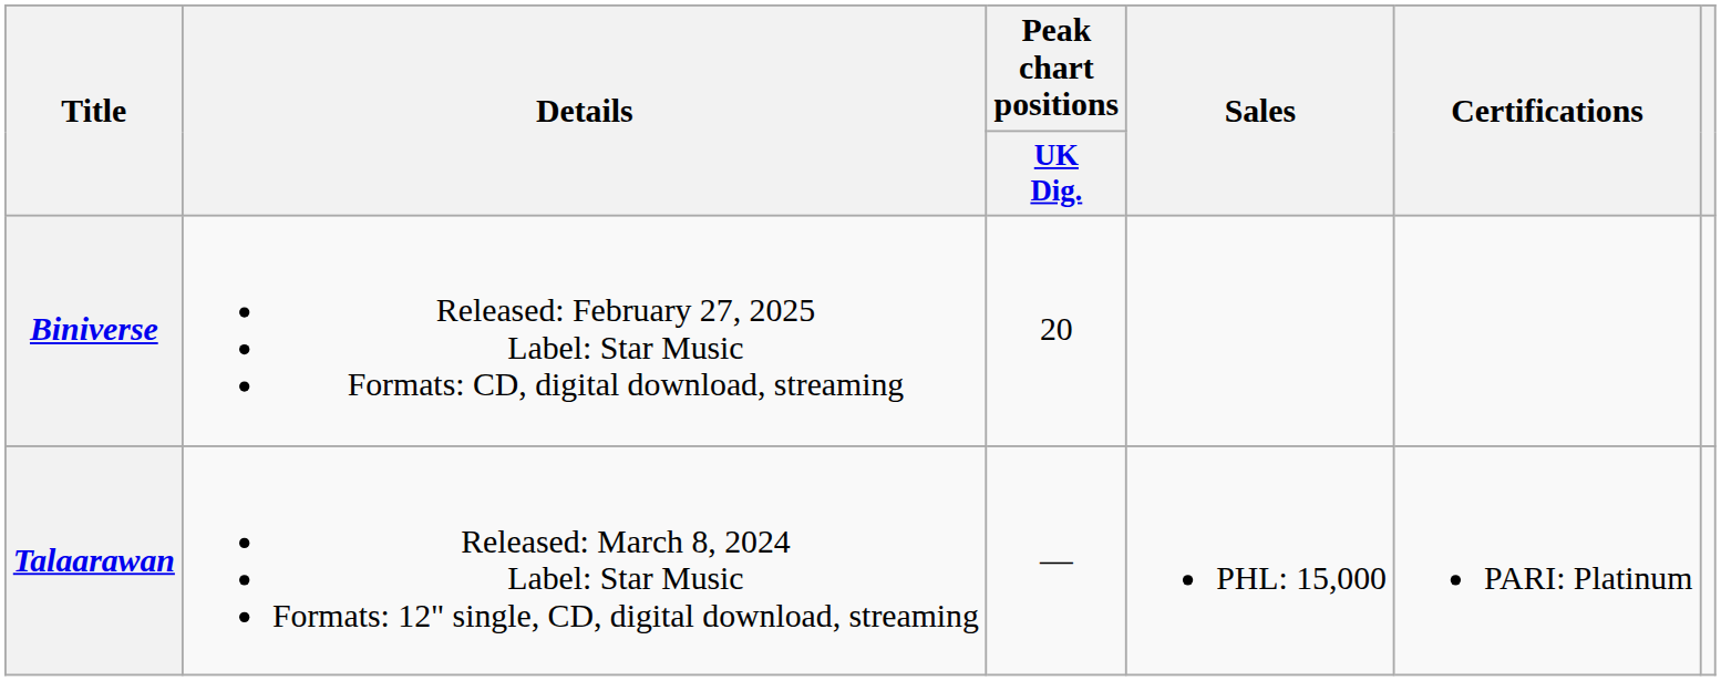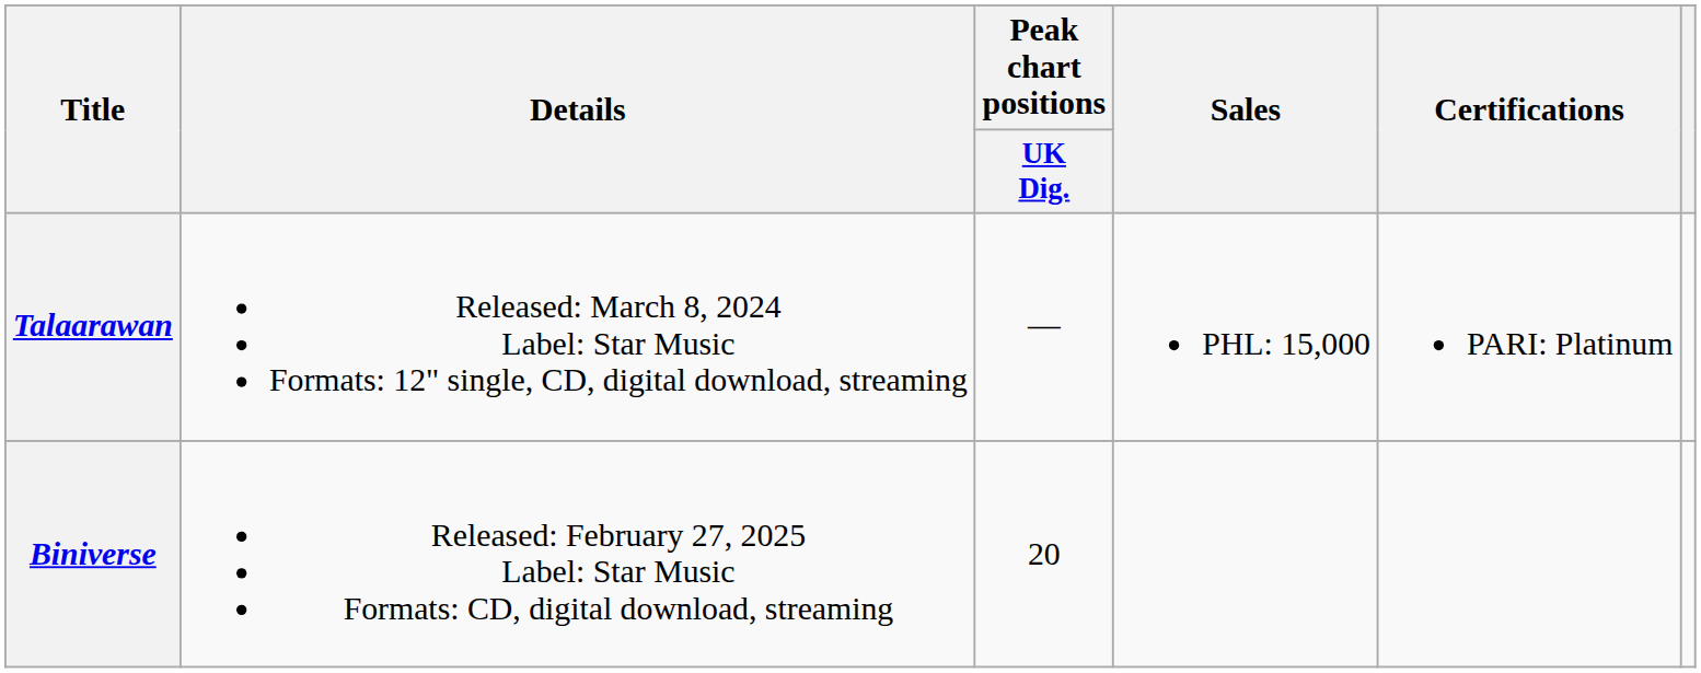 <table class="wikitable plainrowheaders" style="text-align:center;">
 <tr>
 <th rowspan="2" scope="col">Title</th>
 <th rowspan="2" scope="col">Details</th>
 <th>Peak chart positions</th>
 <th rowspan="2" scope="col">Sales</th>
 <th rowspan="2" scope="col">Certifications</th>
 <th rowspan="2" scope="col"></th>
 </tr>
 <tr>
 <th scope="col" style="width:3em;font-size:90%;"><a href='#'>UK<br>Dig.</a><br></th>
 </tr>
 <tr>
+<th scope="row"><em><a href='#'>Talaarawan</a></em></th>
+<td><br><ul><li>Released: March 8, 2024</li><li>Label: Star Music</li><li>Formats: 12" single, CD, digital download, streaming</li></ul></td>
+<td>—</td>
+<td><br><ul><li>PHL: 15,000</li></ul></td>
+<td><br><ul><li>PARI: Platinum</li></ul></td>
+<td></td>
+</tr>
+<tr>
 <th scope="row"><em><a href='#'>Biniverse</a></em></th>
 <td><br><ul><li>Released: February 27, 2025</li><li>Label: Star Music</li><li>Formats: CD, digital download, streaming</li></ul></td>
 <td>20</td>
 <td></td>
 <td></td>
 <td></td>
 </tr>
-<tr>
-<th scope="row"><em><a href='#'>Talaarawan</a></em></th>
-<td><br><ul><li>Released: March 8, 2024</li><li>Label: Star Music</li><li>Formats: 12" single, CD, digital download, streaming</li></ul></td>
-<td>—</td>
-<td><br><ul><li>PHL: 15,000</li></ul></td>
-<td><br><ul><li>PARI: Platinum</li></ul></td>
-<td></td>
-</tr>
 </table>
